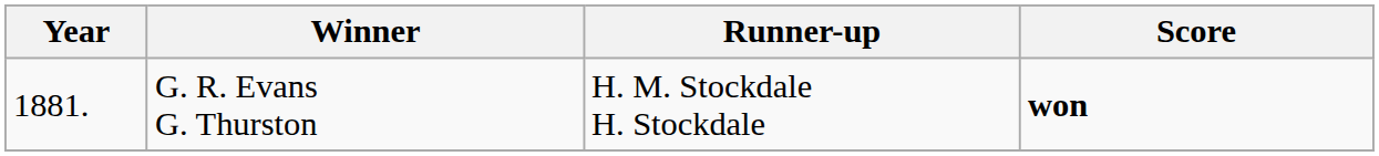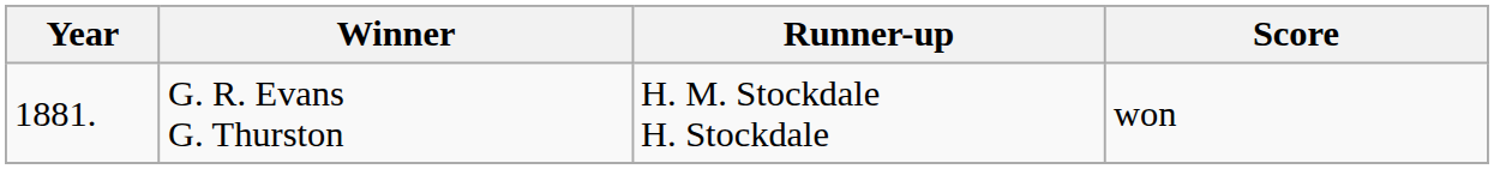 <table class="wikitable">
 <tr>
 <th style="width:60px;">Year</th>
 <th style="width:200px;">Winner</th>
 <th style="width:200px;">Runner-up</th>
 <th style="width:160px;">Score</th>
 </tr>
 <tr>
 <td>1881.</td>
 <td> G. R. Evans<br> G. Thurston</td>
 <td> H. M. Stockdale<br> H. Stockdale</td>
-<td><strong>won</strong></td>
+<td>won</td>
 </tr>
 <tr>
 </tr>
 </table>
